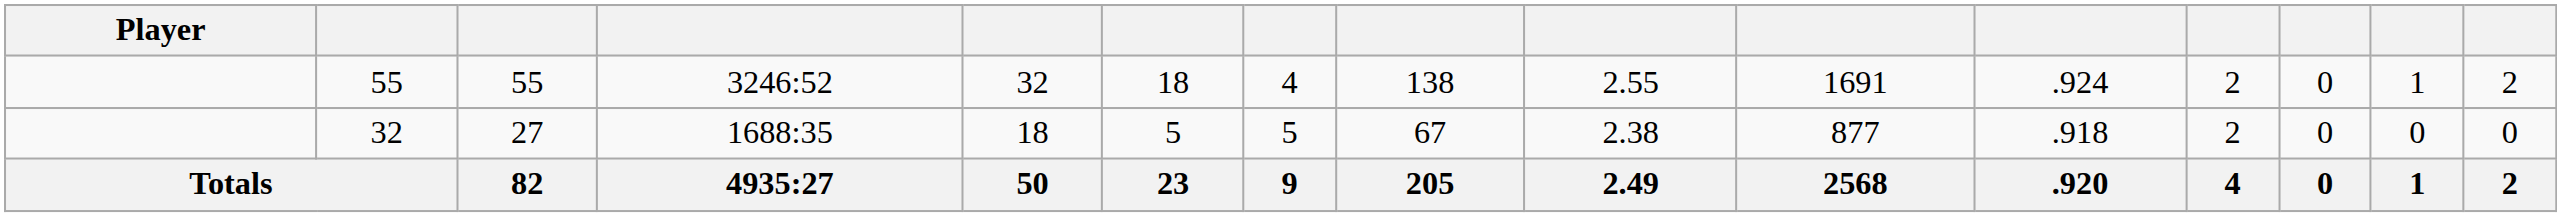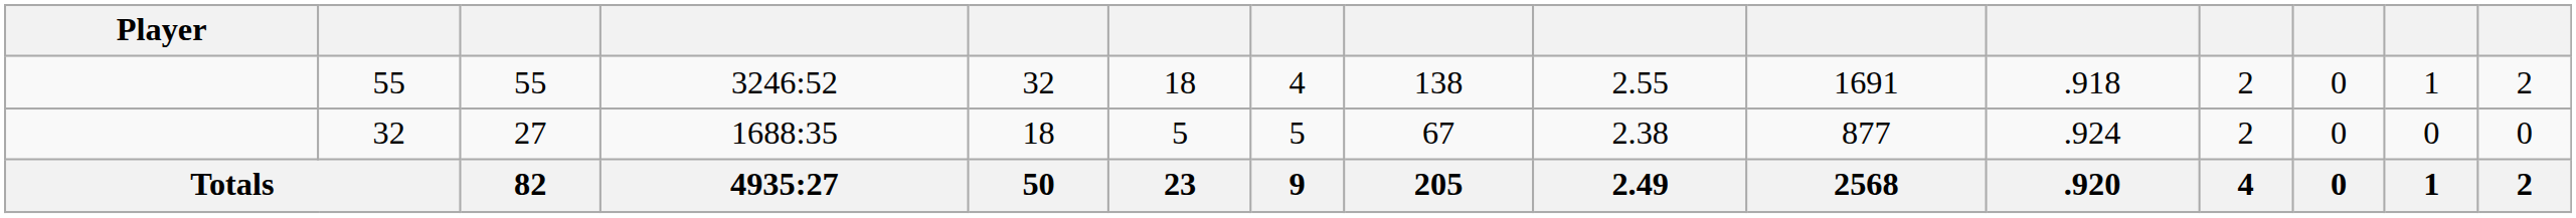 <table class="wikitable sortable" style="width:100%; text-align:center;">
 <tr>
 <th>Player</th>
 <th></th>
 <th></th>
 <th></th>
 <th></th>
 <th></th>
 <th></th>
 <th></th>
 <th></th>
 <th></th>
 <th></th>
 <th></th>
 <th></th>
 <th></th>
 <th></th>
 </tr>
 <tr>
 <td></td>
 <td>55</td>
 <td>55</td>
 <td>3246:52</td>
 <td>32</td>
 <td>18</td>
 <td>4</td>
 <td>138</td>
 <td>2.55</td>
 <td>1691</td>
-<td>.924</td>
+<td>.918</td>
 <td>2</td>
 <td>0</td>
 <td>1</td>
 <td>2</td>
 </tr>
 <tr>
 <td></td>
 <td>32</td>
 <td>27</td>
 <td>1688:35</td>
 <td>18</td>
 <td>5</td>
 <td>5</td>
 <td>67</td>
 <td>2.38</td>
 <td>877</td>
-<td>.918</td>
+<td>.924</td>
 <td>2</td>
 <td>0</td>
 <td>0</td>
 <td>0</td>
 </tr>
 <tr>
 <th colspan=2>Totals</th>
 <th>82</th>
 <th>4935:27</th>
 <th>50</th>
 <th>23</th>
 <th>9</th>
 <th>205</th>
 <th>2.49</th>
 <th>2568</th>
 <th>.920</th>
 <th>4</th>
 <th>0</th>
 <th>1</th>
 <th>2</th>
 </tr>
 </table>
